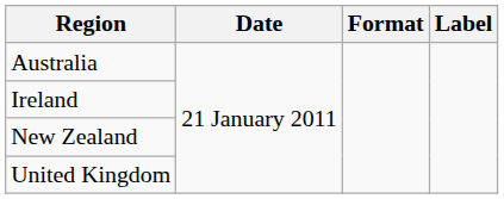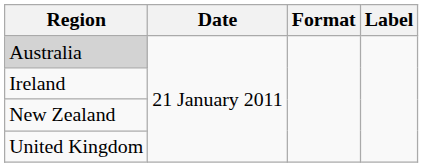 <table class="wikitable" border="1">
 <tr>
 <th>Region</th>
 <th>Date</th>
 <th>Format</th>
 <th>Label</th>
 </tr>
 <tr>
-<td>Australia</td>
+<td style="background: lightgrey;">Australia</td>
 <td rowspan="4">21 January 2011</td>
 <td rowspan="4"></td>
 <td rowspan="4"></td>
 </tr>
 <tr>
 <td>Ireland</td>
 </tr>
 <tr>
 <td>New Zealand</td>
 </tr>
 <tr>
 <td>United Kingdom</td>
 </tr>
 </table>
